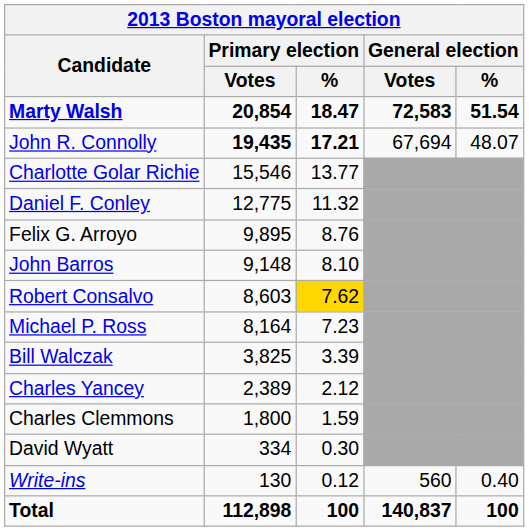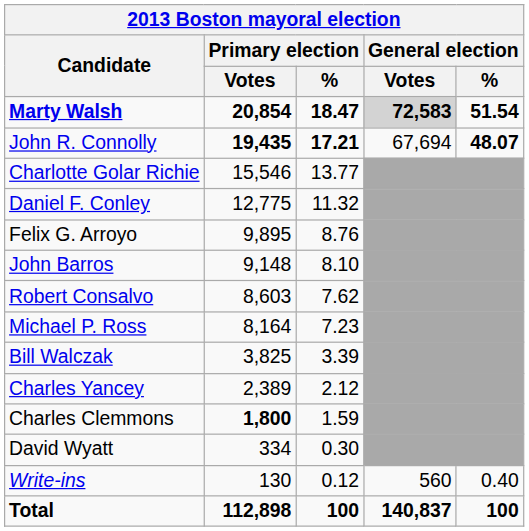 <table class=wikitable>
 <tr>
 <th colspan=5><a href='#'>2013 Boston mayoral election</a></th>
 </tr>
 <tr>
 <th colspan=1 rowspan=2>Candidate</th>
 <th colspan=2><strong>Primary election</strong></th>
 <th colspan=2><strong>General election</strong></th>
 </tr>
 <tr>
 <th>Votes</th>
 <th>%</th>
 <th>Votes</th>
 <th>%</th>
 </tr>
 <tr>
 <td><strong><a href='#'>Marty Walsh</a></strong></td>
 <td align="right"><strong>20,854</strong></td>
 <td align="right"><strong>18.47</strong></td>
-<td align="right"><strong>72,583</strong></td>
+<td align="right" style="background: lightgrey;"><strong>72,583</strong></td>
 <td align="right"><strong>51.54</strong></td>
 </tr>
 <tr>
 <td><a href='#'>John R. Connolly</a></td>
 <td align="right"><strong>19,435</strong></td>
 <td align="right"><strong>17.21</strong></td>
 <td align="right">67,694</td>
-<td align="right">48.07</td>
+<td align="right"><strong>48.07</strong></td>
 </tr>
 <tr>
 <td><a href='#'>Charlotte Golar Richie</a></td>
 <td align="right">15,546</td>
 <td align="right">13.77</td>
 <td colspan=2 bgcolor=darkgray> </td>
 </tr>
 <tr>
 <td><a href='#'>Daniel F. Conley</a></td>
 <td align="right">12,775</td>
 <td align="right">11.32</td>
 <td colspan=2 bgcolor=darkgray> </td>
 </tr>
 <tr>
 <td>Felix G. Arroyo</td>
 <td align="right">9,895</td>
 <td align="right">8.76</td>
 <td colspan=2 bgcolor=darkgray> </td>
 </tr>
 <tr>
 <td><a href='#'>John Barros</a></td>
 <td align="right">9,148</td>
 <td align="right">8.10</td>
 <td colspan=2 bgcolor=darkgray> </td>
 </tr>
 <tr>
 <td><a href='#'>Robert Consalvo</a></td>
 <td align="right">8,603</td>
-<td align="right" style="background: gold;">7.62</td>
+<td align="right">7.62</td>
 <td colspan=2 bgcolor=darkgray> </td>
 </tr>
 <tr>
 <td><a href='#'>Michael P. Ross</a></td>
 <td align="right">8,164</td>
 <td align="right">7.23</td>
 <td colspan=2 bgcolor=darkgray> </td>
 </tr>
 <tr>
 <td><a href='#'>Bill Walczak</a></td>
 <td align="right">3,825</td>
 <td align="right">3.39</td>
 <td colspan=2 bgcolor=darkgray> </td>
 </tr>
 <tr>
 <td><a href='#'>Charles Yancey</a></td>
 <td align="right">2,389</td>
 <td align="right">2.12</td>
 <td colspan=2 bgcolor=darkgray> </td>
 </tr>
 <tr>
 <td>Charles Clemmons</td>
-<td align="right">1,800</td>
+<td align="right"><strong>1,800</strong></td>
 <td align="right">1.59</td>
 <td colspan=2 bgcolor=darkgray> </td>
 </tr>
 <tr>
 <td>David Wyatt</td>
 <td align="right">334</td>
 <td align="right">0.30</td>
 <td colspan=2 bgcolor=darkgray> </td>
 </tr>
 <tr>
 <td><em><a href='#'>Write-ins</a></em></td>
 <td align="right">130</td>
 <td align="right">0.12</td>
 <td align="right">560</td>
 <td align="right">0.40</td>
 </tr>
 <tr>
 <td><strong>Total</strong></td>
 <td align="right"><strong>112,898</strong></td>
 <td align="right"><strong>100</strong></td>
 <td align="right"><strong>140,837</strong></td>
 <td align="right"><strong>100</strong></td>
 </tr>
 </table>
